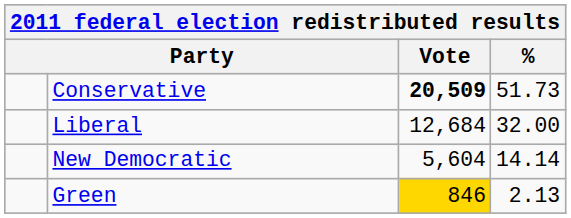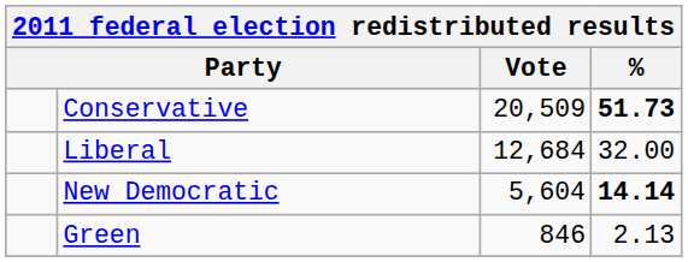 <table class="wikitable">
 <tr>
 <th colspan="4"><a href='#'>2011 federal election</a> redistributed results</th>
 </tr>
 <tr>
 <th bgcolor="#DDDDFF" width="130px" colspan="2">Party</th>
 <th bgcolor="#DDDDFF" width="50px">Vote</th>
 <th bgcolor="#DDDDFF" width="30px">%</th>
 </tr>
 <tr>
 <td> </td>
 <td><a href='#'>Conservative</a></td>
-<td align=right><strong>20,509</strong></td>
-<td align=right>51.73</td>
+<td align=right>20,509</td>
+<td align=right><strong>51.73</strong></td>
 </tr>
 <tr>
 <td> </td>
 <td><a href='#'>Liberal</a></td>
 <td align=right>12,684</td>
 <td align=right>32.00</td>
 </tr>
 <tr>
 <td> </td>
 <td><a href='#'>New Democratic</a></td>
 <td align=right>5,604</td>
-<td align=right>14.14</td>
+<td align=right><strong>14.14</strong></td>
 </tr>
 <tr>
 <td> </td>
 <td><a href='#'>Green</a></td>
-<td align=right style="background: gold;">846</td>
+<td align=right>846</td>
 <td align=right>2.13</td>
 </tr>
 </table>
